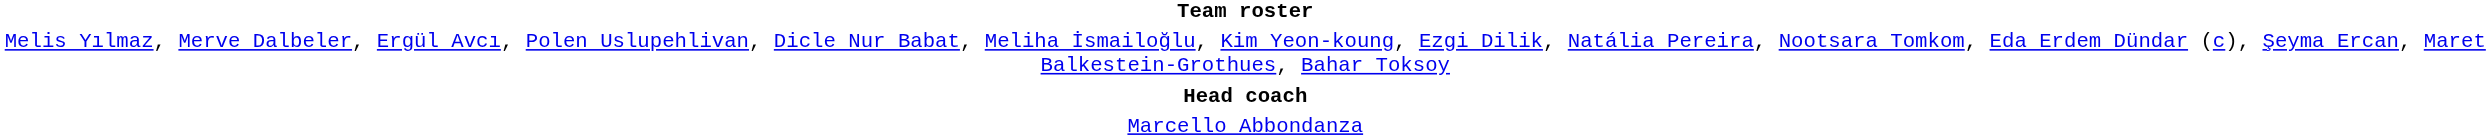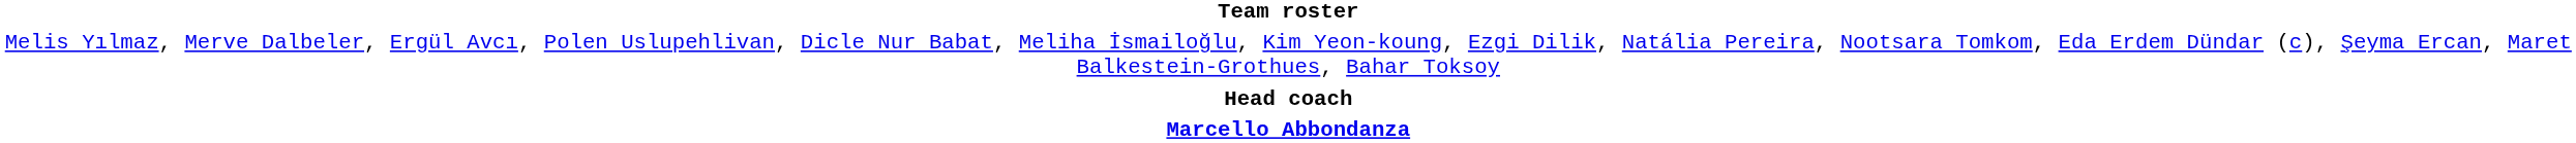 <table style="text-align: center; margin-top: 2em; margin-left: auto; margin-right: auto">
 <tr>
 <td><strong>Team roster</strong></td>
 </tr>
 <tr>
 <td><a href='#'>Melis Yılmaz</a>, <a href='#'>Merve Dalbeler</a>, <a href='#'>Ergül Avcı</a>, <a href='#'>Polen Uslupehlivan</a>, <a href='#'>Dicle Nur Babat</a>, <a href='#'>Meliha İsmailoğlu</a>, <a href='#'>Kim Yeon-koung</a>, <a href='#'>Ezgi Dilik</a>, <a href='#'>Natália Pereira</a>, <a href='#'>Nootsara Tomkom</a>, <a href='#'>Eda Erdem Dündar</a> (<a href='#'>c</a>), <a href='#'>Şeyma Ercan</a>, <a href='#'>Maret Balkestein-Grothues</a>, <a href='#'>Bahar Toksoy</a></td>
 </tr>
 <tr>
 <td><strong>Head coach</strong></td>
 </tr>
 <tr>
-<td><a href='#'>Marcello Abbondanza</a></td>
+<td><strong><a href='#'>Marcello Abbondanza</a></strong></td>
 </tr>
 </table>
